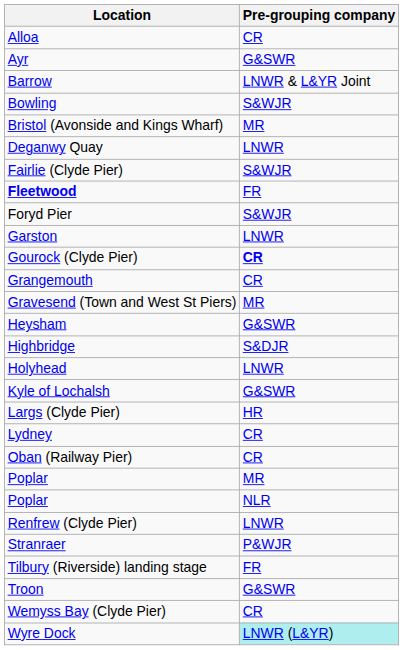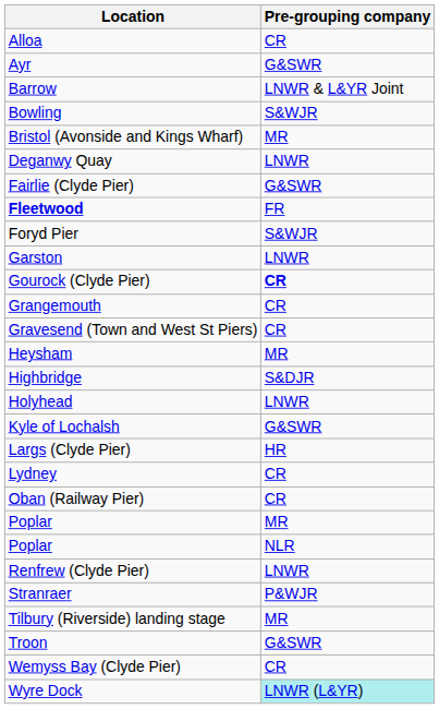 <table class="wikitable" border="1">
 <tr>
 <th>Location</th>
 <th>Pre-grouping company</th>
 </tr>
 <tr>
 <td><a href='#'>Alloa</a></td>
 <td><a href='#'>CR</a></td>
 </tr>
 <tr>
 <td><a href='#'>Ayr</a></td>
 <td><a href='#'>G&SWR</a></td>
 </tr>
 <tr>
 <td><a href='#'>Barrow</a></td>
 <td><a href='#'>LNWR</a> & <a href='#'>L&YR</a> Joint</td>
 </tr>
 <tr>
 <td><a href='#'>Bowling</a></td>
 <td><a href='#'>S&WJR</a></td>
 </tr>
 <tr>
 <td><a href='#'>Bristol</a> (Avonside and Kings Wharf)</td>
 <td><a href='#'>MR</a></td>
 </tr>
 <tr>
 <td><a href='#'>Deganwy</a> Quay</td>
 <td><a href='#'>LNWR</a></td>
 </tr>
 <tr>
 <td><a href='#'>Fairlie</a> (Clyde Pier)</td>
-<td><a href='#'>S&WJR</a></td>
+<td><a href='#'>G&SWR</a></td>
 </tr>
 <tr>
 <td><strong><a href='#'>Fleetwood</a></strong></td>
 <td><a href='#'>FR</a></td>
 </tr>
 <tr>
 <td>Foryd Pier</td>
 <td><a href='#'>S&WJR</a></td>
 </tr>
 <tr>
 <td><a href='#'>Garston</a></td>
 <td><a href='#'>LNWR</a></td>
 </tr>
 <tr>
 <td><a href='#'>Gourock</a> (Clyde Pier)</td>
 <td><strong><a href='#'>CR</a></strong></td>
 </tr>
 <tr>
 <td><a href='#'>Grangemouth</a></td>
 <td><a href='#'>CR</a></td>
 </tr>
 <tr>
 <td><a href='#'>Gravesend</a> (Town and West St Piers)</td>
-<td><a href='#'>MR</a></td>
+<td><a href='#'>CR</a></td>
 </tr>
 <tr>
 <td><a href='#'>Heysham</a></td>
-<td><a href='#'>G&SWR</a></td>
+<td><a href='#'>MR</a></td>
 </tr>
 <tr>
 <td><a href='#'>Highbridge</a></td>
 <td><a href='#'>S&DJR</a></td>
 </tr>
 <tr>
 <td><a href='#'>Holyhead</a></td>
 <td><a href='#'>LNWR</a></td>
 </tr>
 <tr>
 <td><a href='#'>Kyle of Lochalsh</a></td>
 <td><a href='#'>G&SWR</a></td>
 </tr>
 <tr>
 <td><a href='#'>Largs</a> (Clyde Pier)</td>
 <td><a href='#'>HR</a></td>
 </tr>
 <tr>
 <td><a href='#'>Lydney</a></td>
 <td><a href='#'>CR</a></td>
 </tr>
 <tr>
 <td><a href='#'>Oban</a> (Railway Pier)</td>
 <td><a href='#'>CR</a></td>
 </tr>
 <tr>
 <td><a href='#'>Poplar</a></td>
 <td><a href='#'>MR</a></td>
 </tr>
 <tr>
 <td><a href='#'>Poplar</a></td>
 <td><a href='#'>NLR</a></td>
 </tr>
 <tr>
 <td><a href='#'>Renfrew</a> (Clyde Pier)</td>
 <td><a href='#'>LNWR</a></td>
 </tr>
 <tr>
 <td><a href='#'>Stranraer</a></td>
 <td><a href='#'>P&WJR</a></td>
 </tr>
 <tr>
 <td><a href='#'>Tilbury</a> (Riverside) landing stage</td>
-<td><a href='#'>FR</a></td>
+<td><a href='#'>MR</a></td>
 </tr>
 <tr>
 <td><a href='#'>Troon</a></td>
 <td><a href='#'>G&SWR</a></td>
 </tr>
 <tr>
 <td><a href='#'>Wemyss Bay</a> (Clyde Pier)</td>
 <td><a href='#'>CR</a></td>
 </tr>
 <tr>
 <td><a href='#'>Wyre Dock</a></td>
 <td style="background: paleturquoise;"><a href='#'>LNWR</a> (<a href='#'>L&YR</a>)</td>
 </tr>
 </table>
